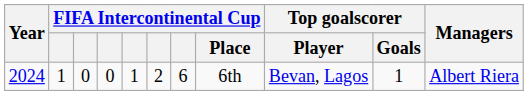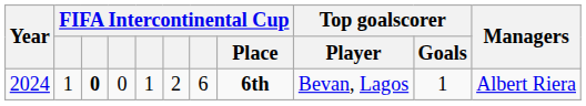 <table class="wikitable" style="text-align:center;">
 <tr>
 <th rowspan="2">Year</th>
 <th colspan="7"><a href='#'>FIFA Intercontinental Cup</a></th>
 <th colspan="2">Top goalscorer</th>
 <th rowspan="2">Managers</th>
 </tr>
 <tr>
 <th></th>
 <th></th>
 <th></th>
 <th></th>
 <th></th>
 <th></th>
 <th>Place</th>
 <th>Player</th>
 <th>Goals</th>
 </tr>
 <tr>
 <td align="center"><a href='#'>2024</a></td>
 <td>1</td>
-<td>0</td>
+<td><strong>0</strong></td>
 <td>0</td>
 <td>1</td>
 <td>2</td>
 <td>6</td>
-<td>6th</td>
+<td><strong>6th</strong></td>
 <td><a href='#'>Bevan</a>, <a href='#'>Lagos</a></td>
 <td>1</td>
 <td><a href='#'>Albert Riera</a></td>
 </tr>
 </table>
